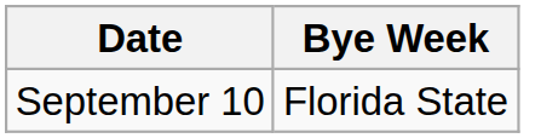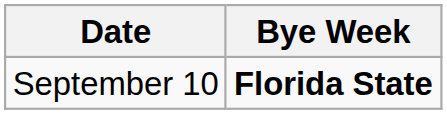 <table class="wikitable" style="font-size:95%;">
 <tr>
 <th>Date</th>
 <th colspan="3">Bye Week</th>
 </tr>
 <tr>
 <td>September 10</td>
-<td>Florida State</td>
+<td><strong>Florida State</strong></td>
 </tr>
 </table>
